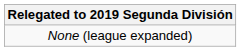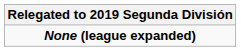 <table class="wikitable">
 <tr>
 <th colspan=2>Relegated to 2019 Segunda División</th>
 </tr>
 <tr>
-<td align=center><em>None</em> (league expanded)</td>
+<td align=center><strong><em>None</em> (league expanded)</strong></td>
 </tr>
 </table>
